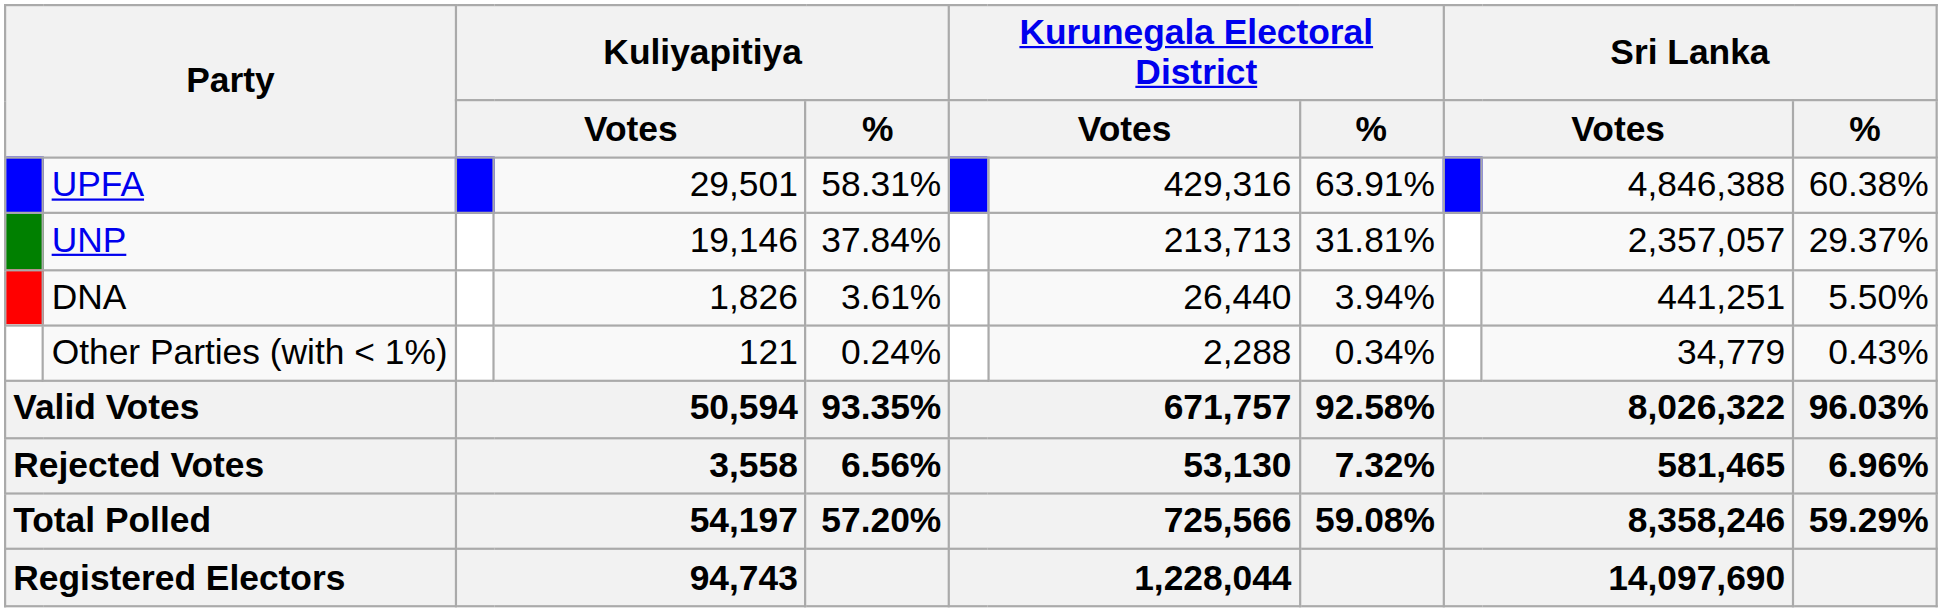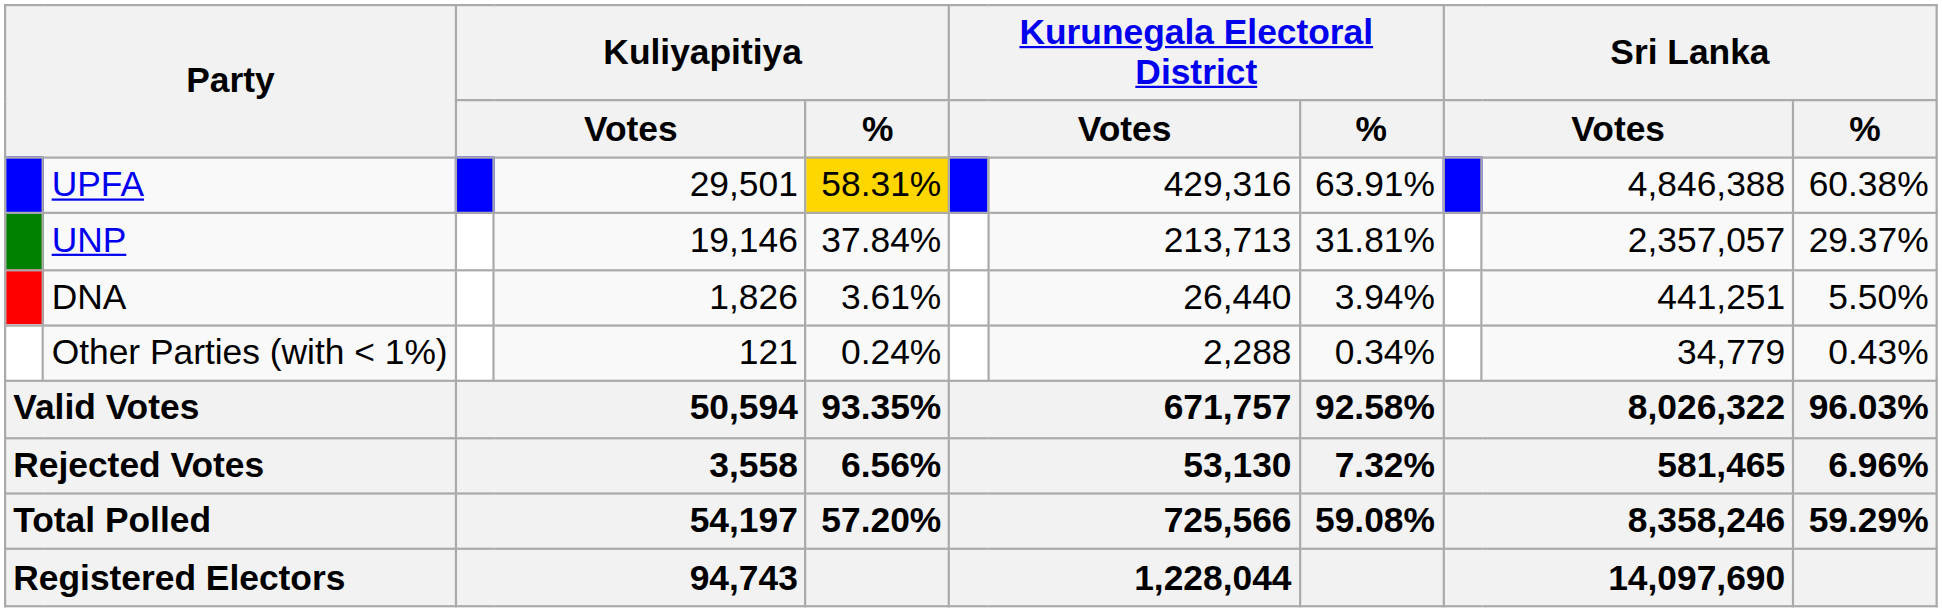 <table class="wikitable">
 <tr>
 <th colspan="2" width="144px"rowspan="2">Party</th>
 <th colspan="3" width="216px">Kuliyapitiya</th>
 <th colspan="3" width="216px"><a href='#'>Kurunegala Electoral District</a></th>
 <th colspan="3" width="216px">Sri Lanka</th>
 </tr>
 <tr>
 <th colspan="2" width="144px">Votes</th>
 <th>%</th>
 <th colspan="2" width="144px">Votes</th>
 <th>%</th>
 <th colspan="2" width="144px">Votes</th>
 <th>%</th>
 </tr>
 <tr>
 <td style="background-color:blue;" width="10px"></td>
 <td style="text-align:left;"><a href='#'>UPFA</a></td>
 <td style="background-color:blue;" width="10px"></td>
 <td style="text-align:right;">29,501</td>
-<td style="text-align:right;">58.31%</td>
+<td style="background: gold; text-align:right;">58.31%</td>
 <td style="background-color:blue;" width="10px"></td>
 <td style="text-align:right;">429,316</td>
 <td style="text-align:right;">63.91%</td>
 <td style="background-color:blue;" width="10px"></td>
 <td style="text-align:right;">4,846,388</td>
 <td style="text-align:right;">60.38%</td>
 </tr>
 <tr>
 <td style="background-color:green;" width="10px"></td>
 <td style="text-align:left;"><a href='#'>UNP</a></td>
 <td style="background-color:white;" width="10px"></td>
 <td style="text-align:right;">19,146</td>
 <td style="text-align:right;">37.84%</td>
 <td style="background-color:white;" width="10px"></td>
 <td style="text-align:right;">213,713</td>
 <td style="text-align:right;">31.81%</td>
 <td style="background-color:white;" width="10px"></td>
 <td style="text-align:right;">2,357,057</td>
 <td style="text-align:right;">29.37%</td>
 </tr>
 <tr>
 <td style="background-color:red;" width="10px"></td>
 <td style="text-align:left;">DNA</td>
 <td style="background-color:white;" width="10px"></td>
 <td style="text-align:right;">1,826</td>
 <td style="text-align:right;">3.61%</td>
 <td style="background-color:white;" width="10px"></td>
 <td style="text-align:right;">26,440</td>
 <td style="text-align:right;">3.94%</td>
 <td style="background-color:white;" width="10px"></td>
 <td style="text-align:right;">441,251</td>
 <td style="text-align:right;">5.50%</td>
 </tr>
 <tr>
 <td style="background-color:white;" width="10px"></td>
 <td style="text-align:left;">Other Parties (with < 1%)</td>
 <td style="background-color:white;" width="10px"></td>
 <td style="text-align:right;">121</td>
 <td style="text-align:right;">0.24%</td>
 <td style="background-color:white;" width="10px"></td>
 <td style="text-align:right;">2,288</td>
 <td style="text-align:right;">0.34%</td>
 <td style="background-color:white;" width="10px"></td>
 <td style="text-align:right;">34,779</td>
 <td style="text-align:right;">0.43%</td>
 </tr>
 <tr>
 <th colspan="2" width="144px"style="text-align:left;">Valid Votes</th>
 <th style="text-align:right;"colspan="2" width="144px">50,594</th>
 <th style="text-align:right;">93.35%</th>
 <th style="text-align:right;"colspan="2" width="144px">671,757</th>
 <th style="text-align:right;">92.58%</th>
 <th style="text-align:right;"colspan="2" width="144px">8,026,322</th>
 <th style="text-align:right;">96.03%</th>
 </tr>
 <tr>
 <th colspan="2" width="144px"style="text-align:left;">Rejected Votes</th>
 <th style="text-align:right;"colspan="2" width="144px">3,558</th>
 <th style="text-align:right;">6.56%</th>
 <th style="text-align:right;"colspan="2" width="144px">53,130</th>
 <th style="text-align:right;">7.32%</th>
 <th style="text-align:right;"colspan="2" width="144px">581,465</th>
 <th style="text-align:right;">6.96%</th>
 </tr>
 <tr>
 <th colspan="2" width="144px"style="text-align:left;">Total Polled</th>
 <th style="text-align:right;"colspan="2" width="144px">54,197</th>
 <th style="text-align:right;">57.20%</th>
 <th style="text-align:right;"colspan="2" width="144px">725,566</th>
 <th style="text-align:right;">59.08%</th>
 <th style="text-align:right;"colspan="2" width="144px">8,358,246</th>
 <th style="text-align:right;">59.29%</th>
 </tr>
 <tr>
 <th colspan="2" width="144px"style="text-align:left;">Registered Electors</th>
 <th style="text-align:right;"colspan="2" width="144px">94,743</th>
 <th></th>
 <th style="text-align:right;"colspan="2" width="144px">1,228,044</th>
 <th></th>
 <th style="text-align:right;"colspan="2" width="144px">14,097,690</th>
 <th></th>
 </tr>
 </table>
